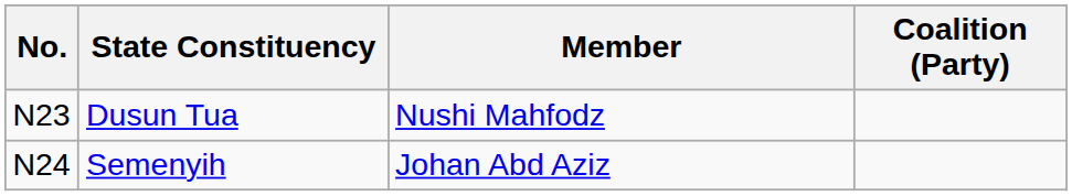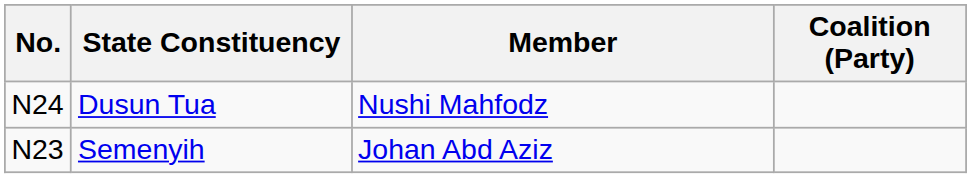 <table class="wikitable">
 <tr>
 <th width="30">No.</th>
 <th width="150">State Constituency</th>
 <th width="230">Member</th>
 <th width="100">Coalition (Party)</th>
 </tr>
 <tr>
-<td>N23</td>
+<td>N24</td>
 <td><a href='#'>Dusun Tua</a></td>
 <td><a href='#'>Nushi Mahfodz</a></td>
 <td></td>
 </tr>
 <tr>
-<td>N24</td>
+<td>N23</td>
 <td><a href='#'>Semenyih</a></td>
 <td><a href='#'>Johan Abd Aziz</a></td>
 <td></td>
 </tr>
 </table>
